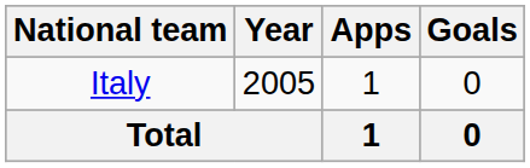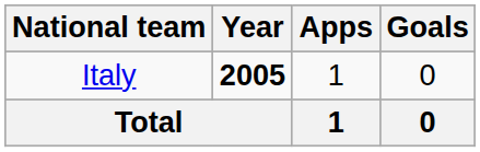 <table class="wikitable" style="text-align:center">
 <tr>
 <th>National team</th>
 <th>Year</th>
 <th>Apps</th>
 <th>Goals</th>
 </tr>
 <tr>
 <td><a href='#'>Italy</a></td>
-<td>2005</td>
+<td><strong>2005</strong></td>
 <td>1</td>
 <td>0</td>
 </tr>
 <tr>
 <th colspan="2">Total</th>
 <th>1</th>
 <th>0</th>
 </tr>
 </table>
